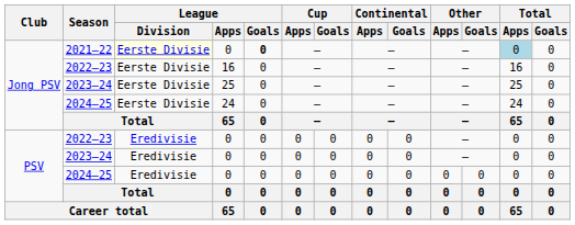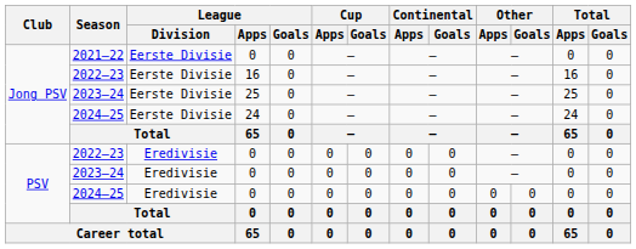 <table class="wikitable" Style="text-align: center">
 <tr>
 <th rowspan="2">Club</th>
 <th rowspan="2">Season</th>
 <th colspan="3">League</th>
 <th colspan="2">Cup</th>
 <th colspan="2">Continental</th>
 <th colspan="2">Other</th>
 <th colspan="2">Total</th>
 </tr>
 <tr>
 <th>Division</th>
 <th>Apps</th>
 <th>Goals</th>
 <th>Apps</th>
 <th>Goals</th>
 <th>Apps</th>
 <th>Goals</th>
 <th>Apps</th>
 <th>Goals</th>
 <th>Apps</th>
 <th>Goals</th>
 </tr>
 <tr>
 <td rowspan="5"><a href='#'>Jong PSV</a></td>
 <td><a href='#'>2021–22</a></td>
-<td style="background: lightyellow;"><a href='#'>Eerste Divisie</a></td>
+<td><a href='#'>Eerste Divisie</a></td>
 <td>0</td>
-<td><strong>0</strong></td>
+<td>0</td>
 <td colspan="2">—</td>
 <td colspan="2">—</td>
 <td colspan="2">—</td>
-<td style="background: lightblue;">0</td>
+<td>0</td>
 <td>0</td>
 </tr>
 <tr>
 <td><a href='#'>2022–23</a></td>
 <td>Eerste Divisie</td>
 <td>16</td>
 <td>0</td>
 <td colspan="2">—</td>
 <td colspan="2">—</td>
 <td colspan="2">—</td>
 <td>16</td>
 <td>0</td>
 </tr>
 <tr>
 <td><a href='#'>2023–24</a></td>
 <td>Eerste Divisie</td>
 <td>25</td>
 <td>0</td>
 <td colspan="2">—</td>
 <td colspan="2">—</td>
 <td colspan="2">—</td>
 <td>25</td>
 <td>0</td>
 </tr>
 <tr>
 <td><a href='#'>2024–25</a></td>
 <td>Eerste Divisie</td>
 <td>24</td>
 <td>0</td>
 <td colspan="2">—</td>
 <td colspan="2">—</td>
 <td colspan="2">—</td>
 <td>24</td>
 <td>0</td>
 </tr>
 <tr>
 <th colspan="2">Total</th>
 <th>65</th>
 <th>0</th>
 <th colspan="2">—</th>
 <th colspan="2">—</th>
 <th colspan="2">—</th>
 <th>65</th>
 <th>0</th>
 </tr>
 <tr>
 <td rowspan="4"><a href='#'>PSV</a></td>
 <td><a href='#'>2022–23</a></td>
 <td><a href='#'>Eredivisie</a></td>
 <td>0</td>
 <td>0</td>
 <td>0</td>
 <td>0</td>
 <td>0</td>
 <td>0</td>
 <td colspan="2">—</td>
 <td>0</td>
 <td>0</td>
 </tr>
 <tr>
 <td><a href='#'>2023–24</a></td>
 <td>Eredivisie</td>
 <td>0</td>
 <td>0</td>
 <td>0</td>
 <td>0</td>
 <td>0</td>
 <td>0</td>
 <td colspan="2">—</td>
 <td>0</td>
 <td>0</td>
 </tr>
 <tr>
 <td><a href='#'>2024–25</a></td>
 <td>Eredivisie</td>
 <td>0</td>
 <td>0</td>
 <td>0</td>
 <td>0</td>
 <td>0</td>
 <td>0</td>
 <td>0</td>
 <td>0</td>
 <td>0</td>
 <td>0</td>
 </tr>
 <tr>
 <th colspan="2">Total</th>
 <th>0</th>
 <th>0</th>
 <th>0</th>
 <th>0</th>
 <th>0</th>
 <th>0</th>
 <th>0</th>
 <th>0</th>
 <th>0</th>
 <th>0</th>
 </tr>
 <tr>
 <th colspan="3">Career total</th>
 <th>65</th>
 <th>0</th>
 <th>0</th>
 <th>0</th>
 <th>0</th>
 <th>0</th>
 <th>0</th>
 <th>0</th>
 <th>65</th>
 <th>0</th>
 </tr>
 </table>
